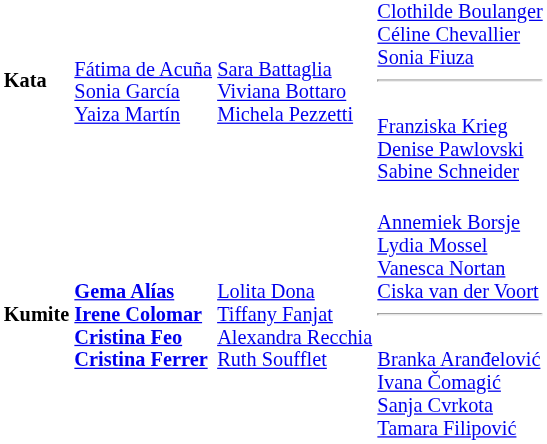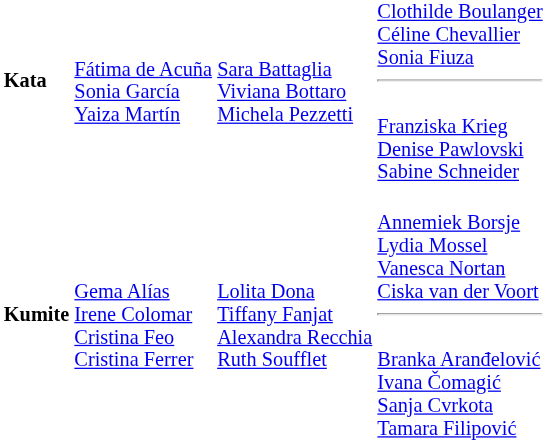 <table>
 <tr>
 <td><strong>Kata</strong></td>
 <td><br><a href='#'>Fátima de Acuña</a><br><a href='#'>Sonia García</a><br><a href='#'>Yaiza Martín</a></td>
 <td><br><a href='#'>Sara Battaglia</a><br><a href='#'>Viviana Bottaro</a><br><a href='#'>Michela Pezzetti</a></td>
 <td><br><a href='#'>Clothilde Boulanger</a><br><a href='#'>Céline Chevallier</a><br><a href='#'>Sonia Fiuza</a><hr><br><a href='#'>Franziska Krieg</a><br><a href='#'>Denise Pawlovski</a><br><a href='#'>Sabine Schneider</a></td>
 </tr>
 <tr>
 <td><strong>Kumite</strong></td>
-<td><strong><br><a href='#'>Gema Alías</a><br><a href='#'>Irene Colomar</a><br><a href='#'>Cristina Feo</a><br><a href='#'>Cristina Ferrer</a></strong></td>
+<td><br><a href='#'>Gema Alías</a><br><a href='#'>Irene Colomar</a><br><a href='#'>Cristina Feo</a><br><a href='#'>Cristina Ferrer</a></td>
 <td><br><a href='#'>Lolita Dona</a><br><a href='#'>Tiffany Fanjat</a><br><a href='#'>Alexandra Recchia</a><br><a href='#'>Ruth Soufflet</a></td>
 <td><br><a href='#'>Annemiek Borsje</a><br><a href='#'>Lydia Mossel</a><br><a href='#'>Vanesca Nortan</a><br><a href='#'>Ciska van der Voort</a><hr><br><a href='#'>Branka Aranđelović</a><br><a href='#'>Ivana Čomagić</a><br><a href='#'>Sanja Cvrkota</a><br><a href='#'>Tamara Filipović</a></td>
 </tr>
 </table>
